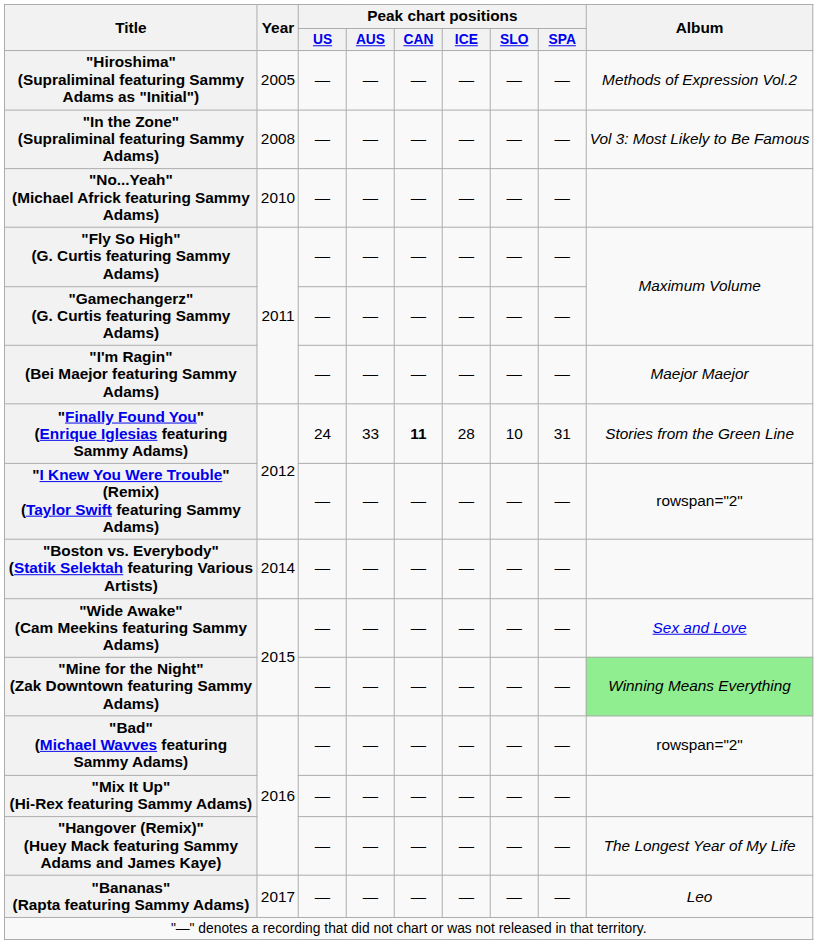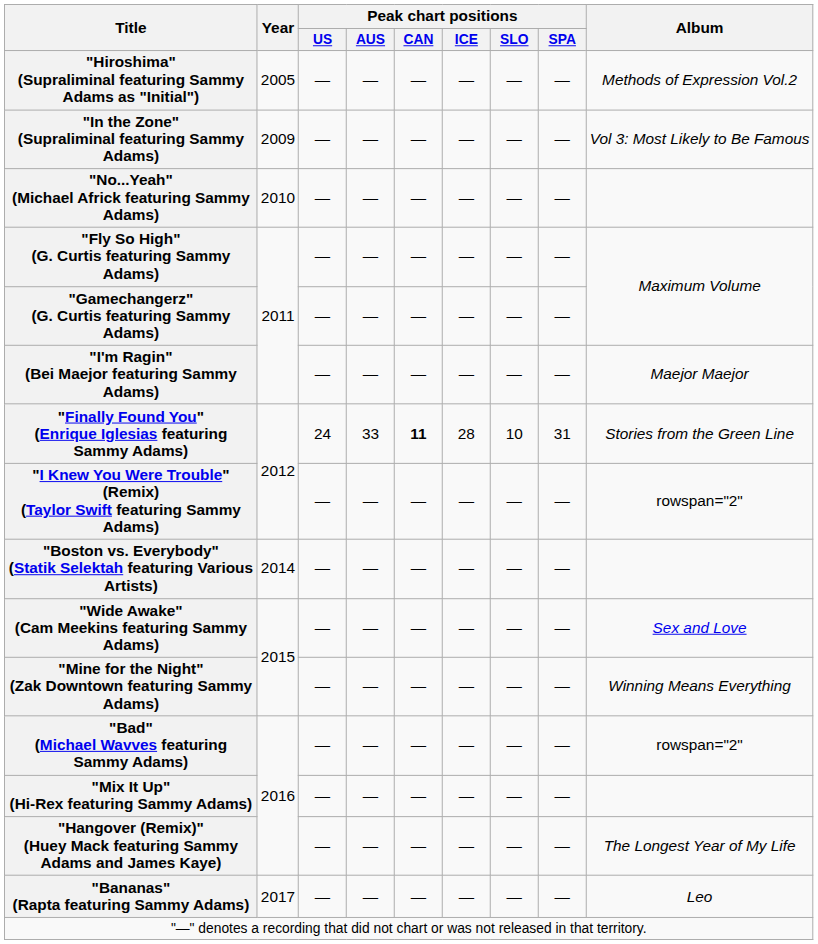 <table class="wikitable plainrowheaders" style="text-align:center;">
 <tr>
 <th scope="col" rowspan="2" style="width:16em;">Title</th>
 <th scope="col" rowspan="2">Year</th>
 <th scope="col" colspan="6">Peak chart positions</th>
 <th scope="col" rowspan="2">Album</th>
 </tr>
 <tr>
 <th scope="col" style="width:3em;font-size:90%;"><a href='#'>US</a></th>
 <th scope="col" style="width:3em;font-size:90%;"><a href='#'>AUS</a></th>
 <th scope="col" style="width:3em;font-size:90%;"><a href='#'>CAN</a></th>
 <th scope="col" style="width:3em;font-size:90%;"><a href='#'>ICE</a></th>
 <th scope="col" style="width:3em;font-size:90%;"><a href='#'>SLO</a></th>
 <th scope="col" style="width:3em;font-size:90%;"><a href='#'>SPA</a></th>
 </tr>
 <tr>
 <th scope="row">"Hiroshima"<br><span>(Supraliminal featuring Sammy Adams as "Initial")</span></th>
 <td>2005</td>
 <td>—</td>
 <td>—</td>
 <td>—</td>
 <td>—</td>
 <td>—</td>
 <td>—</td>
 <td><em>Methods of Expression Vol.2</em></td>
 </tr>
 <tr>
 <th scope="row">"In the Zone"<br><span>(Supraliminal featuring Sammy Adams)</span></th>
-<td>2008</td>
+<td>2009</td>
 <td>—</td>
 <td>—</td>
 <td>—</td>
 <td>—</td>
 <td>—</td>
 <td>—</td>
 <td><em>Vol 3: Most Likely to Be Famous</em></td>
 </tr>
 <tr>
 <th scope="row">"No...Yeah"<br><span>(Michael Africk featuring Sammy Adams)</span></th>
 <td>2010</td>
 <td>—</td>
 <td>—</td>
 <td>—</td>
 <td>—</td>
 <td>—</td>
 <td>—</td>
 <td></td>
 </tr>
 <tr>
 <th scope="row">"Fly So High"<br><span>(G. Curtis featuring Sammy Adams)</span></th>
 <td rowspan="3">2011</td>
 <td>—</td>
 <td>—</td>
 <td>—</td>
 <td>—</td>
 <td>—</td>
 <td>—</td>
 <td rowspan="2"><em>Maximum Volume</em></td>
 </tr>
 <tr>
 <th scope="row">"Gamechangerz"<br><span>(G. Curtis featuring Sammy Adams)</span></th>
 <td>—</td>
 <td>—</td>
 <td>—</td>
 <td>—</td>
 <td>—</td>
 <td>—</td>
 </tr>
 <tr>
 <th scope="row">"I'm Ragin"<br><span>(Bei Maejor featuring Sammy Adams)</span></th>
 <td>—</td>
 <td>—</td>
 <td>—</td>
 <td>—</td>
 <td>—</td>
 <td>—</td>
 <td><em>Maejor Maejor</em></td>
 </tr>
 <tr>
 <th scope="row">"<a href='#'>Finally Found You</a>"<br><span>(<a href='#'>Enrique Iglesias</a> featuring Sammy Adams)</span></th>
 <td rowspan="2">2012</td>
 <td>24</td>
 <td>33</td>
 <td><strong>11</strong></td>
 <td>28</td>
 <td>10</td>
 <td>31</td>
 <td><em>Stories from the Green Line</em></td>
 </tr>
 <tr>
 <th scope="row">"<a href='#'>I Knew You Were Trouble</a>" (Remix)<br><span>(<a href='#'>Taylor Swift</a> featuring Sammy Adams)</span></th>
 <td>—</td>
 <td>—</td>
 <td>—</td>
 <td>—</td>
 <td>—</td>
 <td>—</td>
 <td>rowspan="2" </td>
 </tr>
 <tr>
 <th scope="row">"Boston vs. Everybody"<br><span>(<a href='#'>Statik Selektah</a> featuring Various Artists)</span></th>
 <td>2014</td>
 <td>—</td>
 <td>—</td>
 <td>—</td>
 <td>—</td>
 <td>—</td>
 <td>—</td>
 </tr>
 <tr>
 <th scope="row">"Wide Awake"<br><span>(Cam Meekins featuring Sammy Adams)</span></th>
 <td rowspan="2">2015</td>
 <td>—</td>
 <td>—</td>
 <td>—</td>
 <td>—</td>
 <td>—</td>
 <td>—</td>
 <td><em><a href='#'>Sex and Love</a></em></td>
 </tr>
 <tr>
 <th scope="row">"Mine for the Night"<br><span>(Zak Downtown featuring Sammy Adams)</span></th>
 <td>—</td>
 <td>—</td>
 <td>—</td>
 <td>—</td>
 <td>—</td>
 <td>—</td>
-<td style="background: lightgreen;"><em>Winning Means Everything</em></td>
+<td><em>Winning Means Everything</em></td>
 </tr>
 <tr>
 <th scope="row">"Bad"<br><span>(<a href='#'>Michael Wavves</a> featuring Sammy Adams)</span></th>
 <td rowspan="3">2016</td>
 <td>—</td>
 <td>—</td>
 <td>—</td>
 <td>—</td>
 <td>—</td>
 <td>—</td>
 <td>rowspan="2" </td>
 </tr>
 <tr>
 <th scope="row">"Mix It Up"<br><span>(Hi-Rex featuring Sammy Adams)</span></th>
 <td>—</td>
 <td>—</td>
 <td>—</td>
 <td>—</td>
 <td>—</td>
 <td>—</td>
 </tr>
 <tr>
 <th scope="row">"Hangover (Remix)"<br><span>(Huey Mack featuring Sammy Adams and James Kaye)</span></th>
 <td>—</td>
 <td>—</td>
 <td>—</td>
 <td>—</td>
 <td>—</td>
 <td>—</td>
 <td><em>The Longest Year of My Life</em></td>
 </tr>
 <tr>
 <th scope="row">"Bananas"<br><span>(Rapta featuring Sammy Adams)</span></th>
 <td>2017</td>
 <td>—</td>
 <td>—</td>
 <td>—</td>
 <td>—</td>
 <td>—</td>
 <td>—</td>
 <td><em>Leo</em></td>
 </tr>
 <tr>
 <td colspan="10" style="font-size:90%">"—" denotes a recording that did not chart or was not released in that territory.</td>
 </tr>
 </table>
